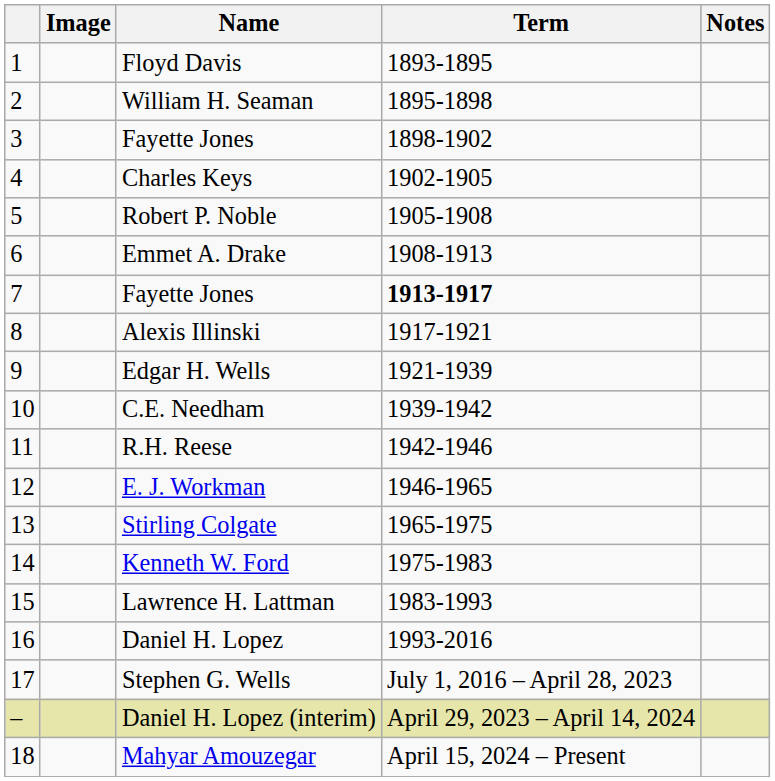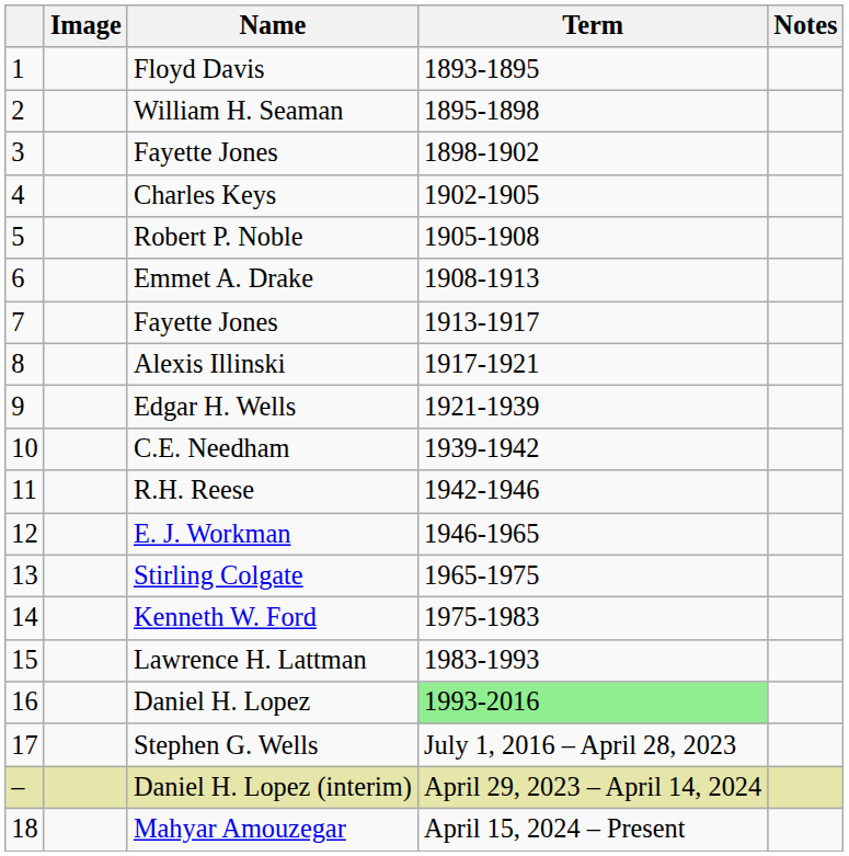 <table class="wikitable">
 <tr>
 <th></th>
 <th>Image</th>
 <th>Name</th>
 <th>Term</th>
 <th>Notes</th>
 </tr>
 <tr>
 <td>1</td>
 <td></td>
 <td>Floyd Davis</td>
 <td>1893-1895</td>
 <td></td>
 </tr>
 <tr>
 <td>2</td>
 <td></td>
 <td>William H. Seaman</td>
 <td>1895-1898</td>
 <td></td>
 </tr>
 <tr>
 <td>3</td>
 <td></td>
 <td>Fayette Jones</td>
 <td>1898-1902</td>
 <td></td>
 </tr>
 <tr>
 <td>4</td>
 <td></td>
 <td>Charles Keys</td>
 <td>1902-1905</td>
 <td></td>
 </tr>
 <tr>
 <td>5</td>
 <td></td>
 <td>Robert P. Noble</td>
 <td>1905-1908</td>
 <td></td>
 </tr>
 <tr>
 <td>6</td>
 <td></td>
 <td>Emmet A. Drake</td>
 <td>1908-1913</td>
 <td></td>
 </tr>
 <tr>
 <td>7</td>
 <td></td>
 <td>Fayette Jones</td>
-<td><strong>1913-1917</strong></td>
+<td>1913-1917</td>
 <td></td>
 </tr>
 <tr>
 <td>8</td>
 <td></td>
 <td>Alexis Illinski</td>
 <td>1917-1921</td>
 <td></td>
 </tr>
 <tr>
 <td>9</td>
 <td></td>
 <td>Edgar H. Wells</td>
 <td>1921-1939</td>
 <td></td>
 </tr>
 <tr>
 <td>10</td>
 <td></td>
 <td>C.E. Needham</td>
 <td>1939-1942</td>
 <td></td>
 </tr>
 <tr>
 <td>11</td>
 <td></td>
 <td>R.H. Reese</td>
 <td>1942-1946</td>
 <td></td>
 </tr>
 <tr>
 <td>12</td>
 <td></td>
 <td><a href='#'>E. J. Workman</a></td>
 <td>1946-1965</td>
 <td></td>
 </tr>
 <tr>
 <td>13</td>
 <td></td>
 <td><a href='#'>Stirling Colgate</a></td>
 <td>1965-1975</td>
 <td></td>
 </tr>
 <tr>
 <td>14</td>
 <td></td>
 <td><a href='#'>Kenneth W. Ford</a></td>
 <td>1975-1983</td>
 <td></td>
 </tr>
 <tr>
 <td>15</td>
 <td></td>
 <td>Lawrence H. Lattman</td>
 <td>1983-1993</td>
 <td></td>
 </tr>
 <tr>
 <td>16</td>
 <td></td>
 <td>Daniel H. Lopez</td>
-<td>1993-2016</td>
+<td style="background: lightgreen;">1993-2016</td>
 <td></td>
 </tr>
 <tr>
 <td>17</td>
 <td></td>
 <td>Stephen G. Wells</td>
 <td>July 1, 2016 – April 28, 2023</td>
 <td></td>
 </tr>
 <tr bgcolor="#e6e6aa">
 <td>–</td>
 <td></td>
 <td>Daniel H. Lopez (interim)</td>
 <td>April 29, 2023 – April 14, 2024</td>
 <td></td>
 </tr>
 <tr>
 <td>18</td>
 <td></td>
 <td><a href='#'>Mahyar Amouzegar</a></td>
 <td>April 15, 2024 – Present</td>
 <td></td>
 </tr>
 <tr>
 </tr>
 </table>
